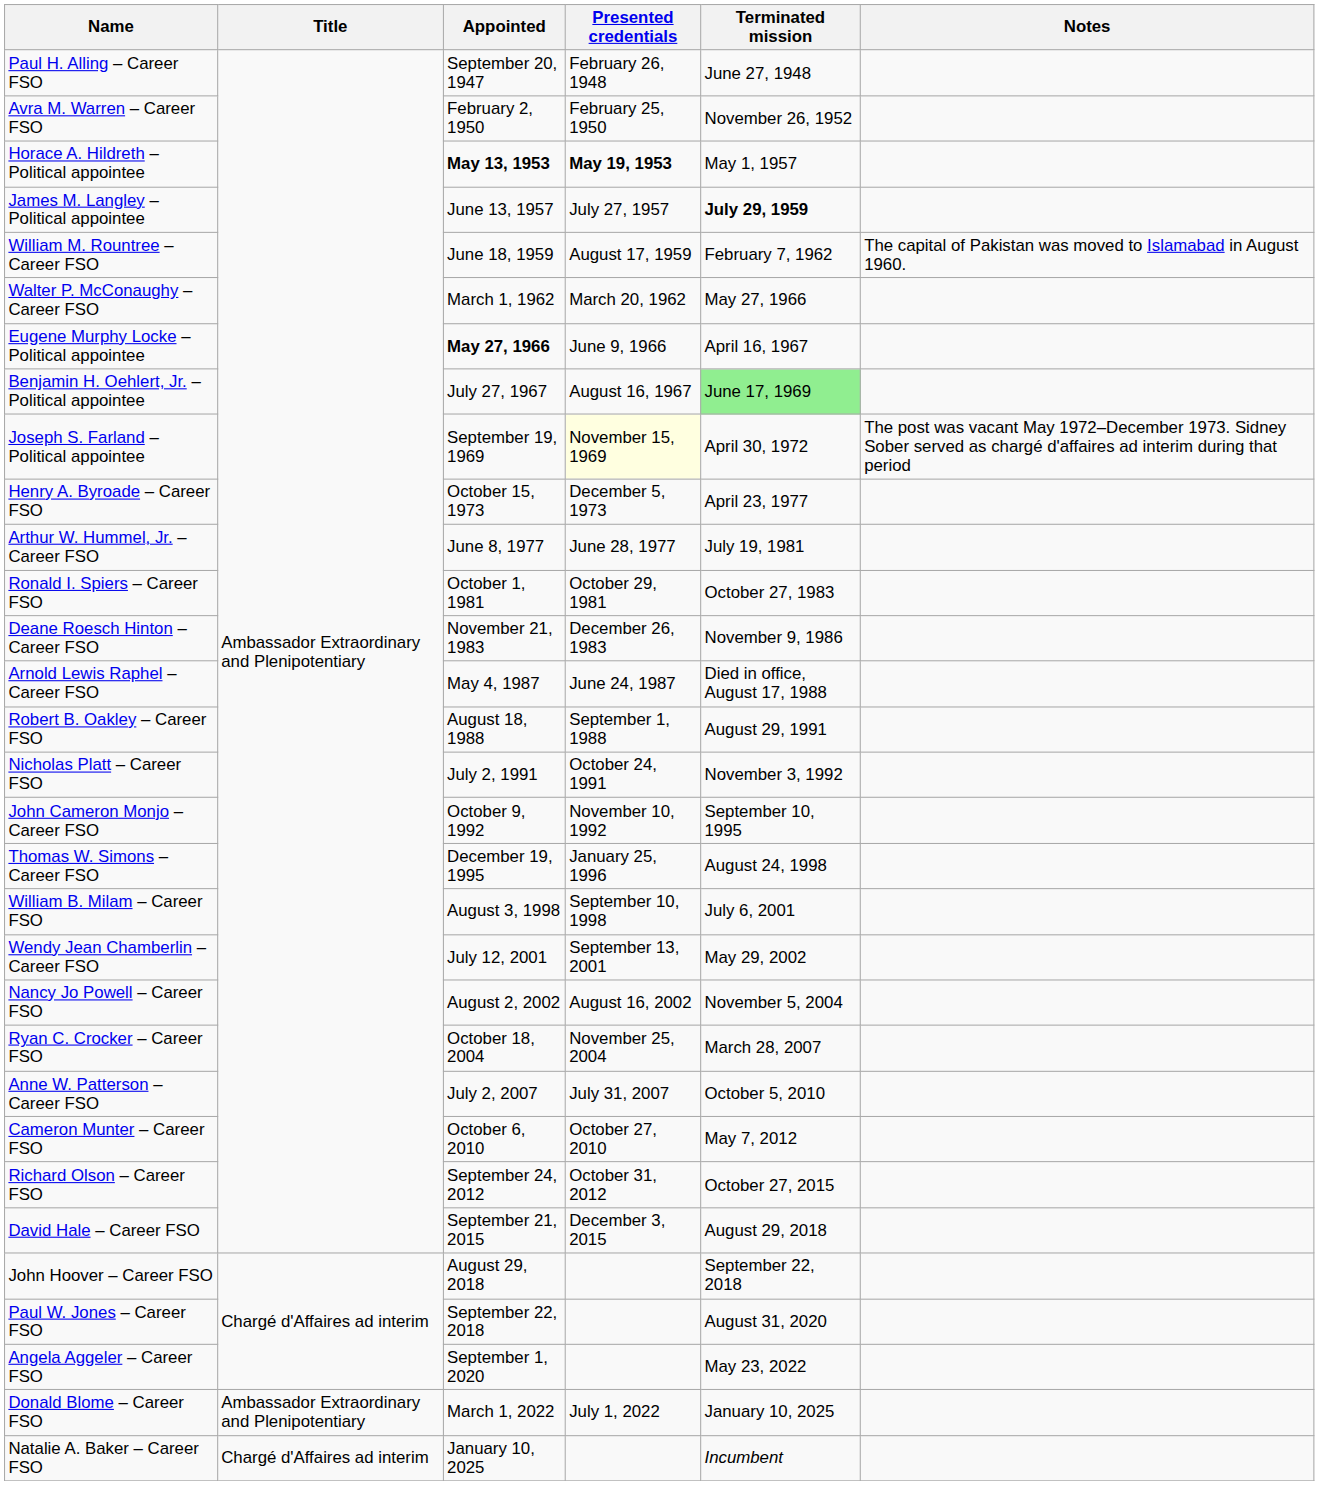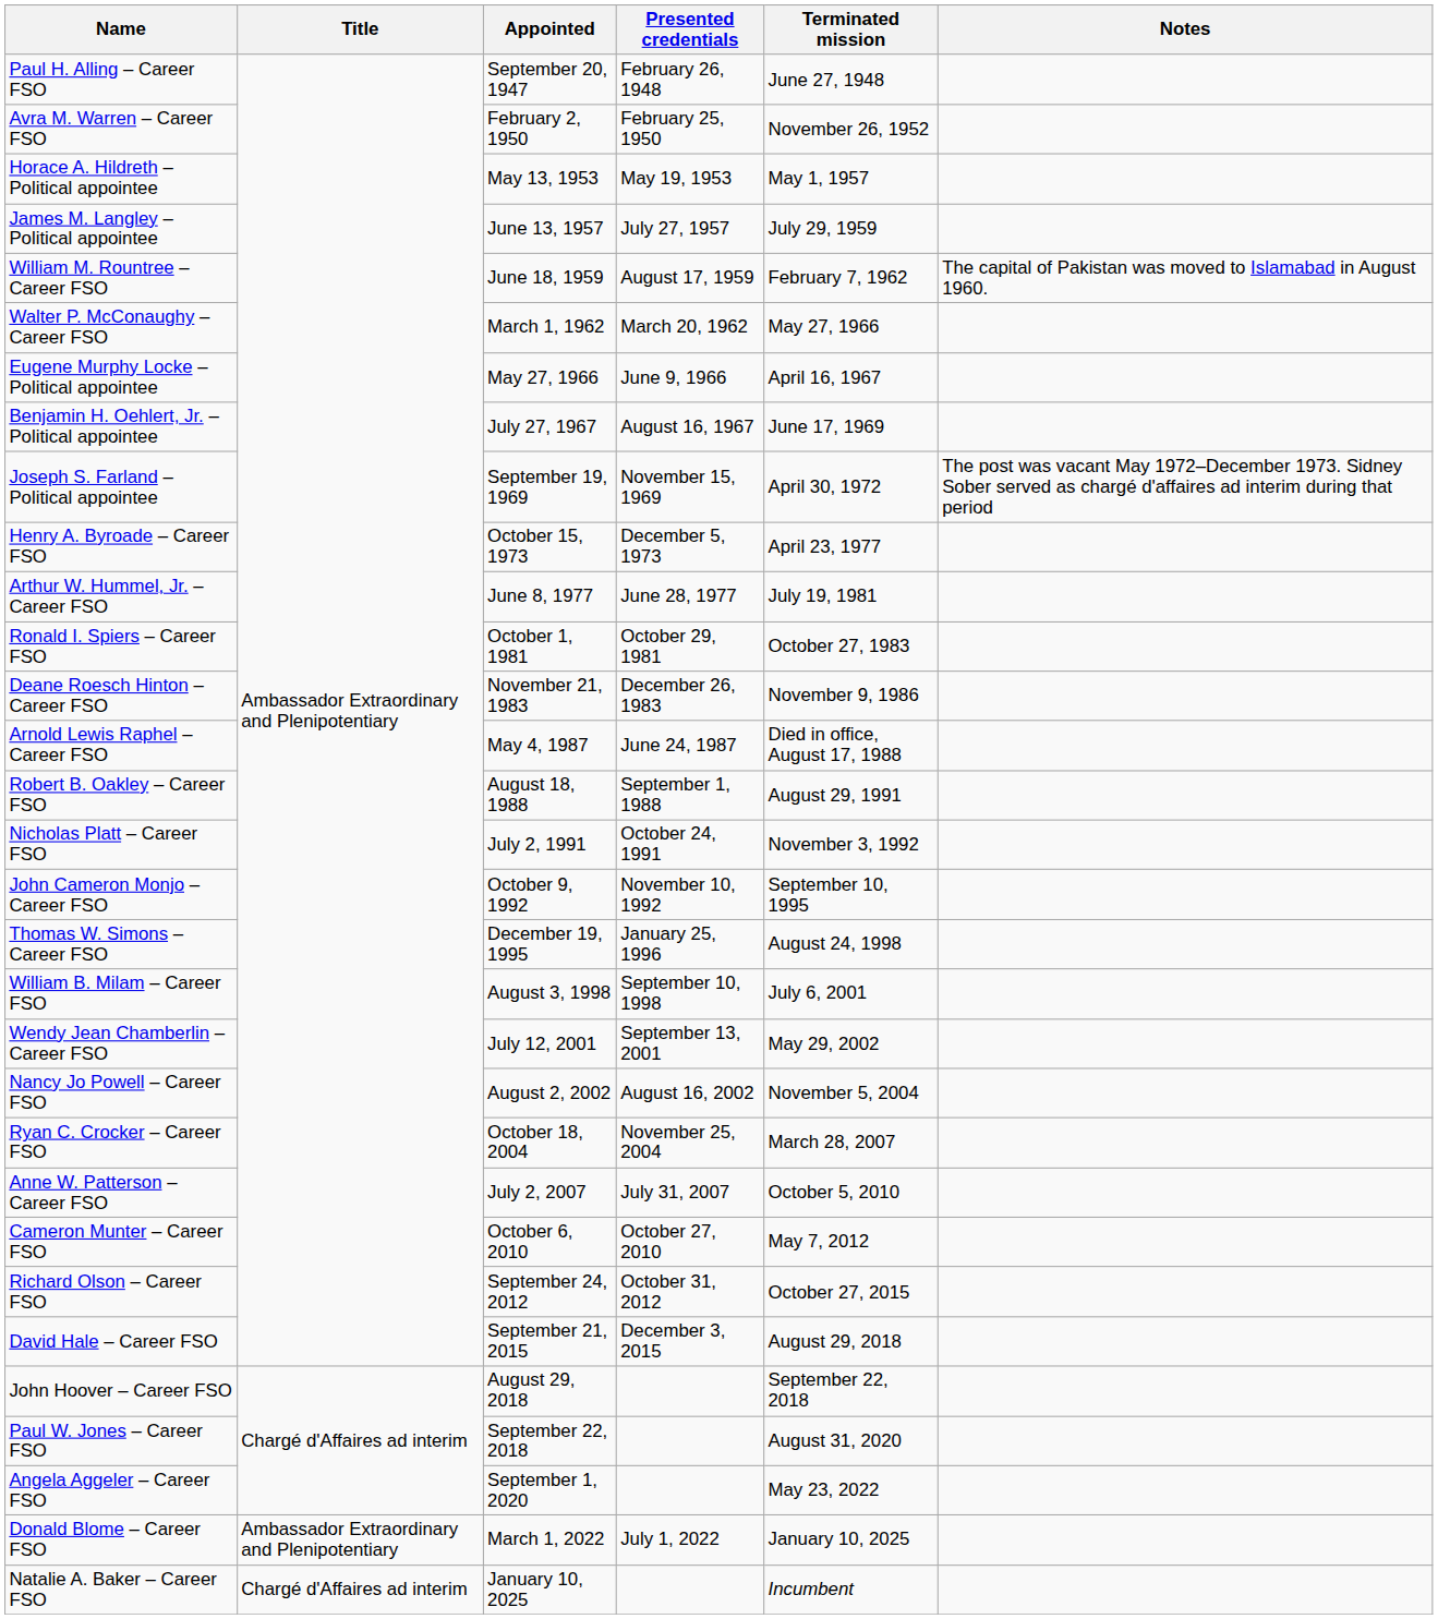 <table class="wikitable">
 <tr>
 <th>Name</th>
 <th>Title</th>
 <th>Appointed</th>
 <th><a href='#'>Presented credentials</a></th>
 <th>Terminated mission</th>
 <th>Notes</th>
 </tr>
 <tr>
 <td><a href='#'>Paul H. Alling</a> – Career FSO</td>
 <td rowspan="26">Ambassador Extraordinary and Plenipotentiary</td>
 <td>September 20, 1947</td>
 <td>February 26, 1948</td>
 <td>June 27, 1948</td>
 <td></td>
 </tr>
 <tr>
 <td><a href='#'>Avra M. Warren</a> – Career FSO</td>
 <td>February 2, 1950</td>
 <td>February 25, 1950</td>
 <td>November 26, 1952</td>
 <td></td>
 </tr>
 <tr>
 <td><a href='#'>Horace A. Hildreth</a> – Political appointee</td>
-<td><strong>May 13, 1953</strong></td>
-<td><strong>May 19, 1953</strong></td>
+<td>May 13, 1953</td>
+<td>May 19, 1953</td>
 <td>May 1, 1957</td>
 <td></td>
 </tr>
 <tr>
 <td><a href='#'>James M. Langley</a> – Political appointee</td>
 <td>June 13, 1957</td>
 <td>July 27, 1957</td>
-<td><strong>July 29, 1959</strong></td>
+<td>July 29, 1959</td>
 <td></td>
 </tr>
 <tr>
 <td><a href='#'>William M. Rountree</a> – Career FSO</td>
 <td>June 18, 1959</td>
 <td>August 17, 1959</td>
 <td>February 7, 1962</td>
 <td>The capital of Pakistan was moved to <a href='#'>Islamabad</a> in August 1960.</td>
 </tr>
 <tr>
 <td><a href='#'>Walter P. McConaughy</a> – Career FSO</td>
 <td>March 1, 1962</td>
 <td>March 20, 1962</td>
 <td>May 27, 1966</td>
 <td></td>
 </tr>
 <tr>
 <td><a href='#'>Eugene Murphy Locke</a> – Political appointee</td>
-<td><strong>May 27, 1966</strong></td>
+<td>May 27, 1966</td>
 <td>June 9, 1966</td>
 <td>April 16, 1967</td>
 <td></td>
 </tr>
 <tr>
 <td><a href='#'>Benjamin H. Oehlert, Jr.</a> – Political appointee</td>
 <td>July 27, 1967</td>
 <td>August 16, 1967</td>
-<td style="background: lightgreen;">June 17, 1969</td>
+<td>June 17, 1969</td>
 <td></td>
 </tr>
 <tr>
 <td><a href='#'>Joseph S. Farland</a> – Political appointee</td>
 <td>September 19, 1969</td>
-<td style="background: lightyellow;">November 15, 1969</td>
+<td>November 15, 1969</td>
 <td>April 30, 1972</td>
 <td>The post was vacant May 1972–December 1973. Sidney Sober served as chargé d'affaires ad interim during that period</td>
 </tr>
 <tr>
 <td><a href='#'>Henry A. Byroade</a> – Career FSO</td>
 <td>October 15, 1973</td>
 <td>December 5, 1973</td>
 <td>April 23, 1977</td>
 <td></td>
 </tr>
 <tr>
 <td><a href='#'>Arthur W. Hummel, Jr.</a> – Career FSO</td>
 <td>June 8, 1977</td>
 <td>June 28, 1977</td>
 <td>July 19, 1981</td>
 <td></td>
 </tr>
 <tr>
 <td><a href='#'>Ronald I. Spiers</a> – Career FSO</td>
 <td>October 1, 1981</td>
 <td>October 29, 1981</td>
 <td>October 27, 1983</td>
 <td></td>
 </tr>
 <tr>
 <td><a href='#'>Deane Roesch Hinton</a> – Career FSO</td>
 <td>November 21, 1983</td>
 <td>December 26, 1983</td>
 <td>November 9, 1986</td>
 <td></td>
 </tr>
 <tr>
 <td><a href='#'>Arnold Lewis Raphel</a> – Career FSO</td>
 <td>May 4, 1987</td>
 <td>June 24, 1987</td>
 <td>Died in office, August 17, 1988</td>
 <td></td>
 </tr>
 <tr>
 <td><a href='#'>Robert B. Oakley</a> – Career FSO</td>
 <td>August 18, 1988</td>
 <td>September 1, 1988</td>
 <td>August 29, 1991</td>
 <td></td>
 </tr>
 <tr>
 <td><a href='#'>Nicholas Platt</a> – Career FSO</td>
 <td>July 2, 1991</td>
 <td>October 24, 1991</td>
 <td>November 3, 1992</td>
 <td></td>
 </tr>
 <tr>
 <td><a href='#'>John Cameron Monjo</a> – Career FSO</td>
 <td>October 9, 1992</td>
 <td>November 10, 1992</td>
 <td>September 10, 1995</td>
 <td></td>
 </tr>
 <tr>
 <td><a href='#'>Thomas W. Simons</a> – Career FSO</td>
 <td>December 19, 1995</td>
 <td>January 25, 1996</td>
 <td>August 24, 1998</td>
 <td></td>
 </tr>
 <tr>
 <td><a href='#'>William B. Milam</a> – Career FSO</td>
 <td>August 3, 1998</td>
 <td>September 10, 1998</td>
 <td>July 6, 2001</td>
 <td></td>
 </tr>
 <tr>
 <td><a href='#'>Wendy Jean Chamberlin</a> – Career FSO</td>
 <td>July 12, 2001</td>
 <td>September 13, 2001</td>
 <td>May 29, 2002</td>
 <td></td>
 </tr>
 <tr>
 <td><a href='#'>Nancy Jo Powell</a> – Career FSO</td>
 <td>August 2, 2002</td>
 <td>August 16, 2002</td>
 <td>November 5, 2004</td>
 <td></td>
 </tr>
 <tr>
 <td><a href='#'>Ryan C. Crocker</a> – Career FSO</td>
 <td>October 18, 2004</td>
 <td>November 25, 2004</td>
 <td>March 28, 2007</td>
 <td></td>
 </tr>
 <tr>
 <td><a href='#'>Anne W. Patterson</a> – Career FSO</td>
 <td>July 2, 2007</td>
 <td>July 31, 2007</td>
 <td>October 5, 2010</td>
 <td></td>
 </tr>
 <tr>
 <td><a href='#'>Cameron Munter</a> – Career FSO</td>
 <td>October 6, 2010</td>
 <td>October 27, 2010</td>
 <td>May 7, 2012</td>
 <td></td>
 </tr>
 <tr>
 <td><a href='#'>Richard Olson</a> – Career FSO</td>
 <td>September 24, 2012</td>
 <td>October 31, 2012</td>
 <td>October 27, 2015</td>
 <td></td>
 </tr>
 <tr>
 <td><a href='#'>David Hale</a> – Career FSO</td>
 <td>September 21, 2015</td>
 <td>December 3, 2015</td>
 <td>August 29, 2018</td>
 <td></td>
 </tr>
 <tr>
 <td>John Hoover – Career FSO</td>
 <td rowspan="3">Chargé d'Affaires ad interim</td>
 <td>August 29, 2018</td>
 <td></td>
 <td>September 22, 2018</td>
 <td></td>
 </tr>
 <tr>
 <td><a href='#'>Paul W. Jones</a> – Career FSO</td>
 <td>September 22, 2018</td>
 <td></td>
 <td>August 31, 2020</td>
 <td></td>
 </tr>
 <tr>
 <td><a href='#'>Angela Aggeler</a> – Career FSO</td>
 <td>September 1, 2020</td>
 <td></td>
 <td>May 23, 2022</td>
 <td></td>
 </tr>
 <tr>
 <td><a href='#'>Donald Blome</a> – Career FSO</td>
 <td>Ambassador Extraordinary and Plenipotentiary</td>
 <td>March 1, 2022</td>
 <td>July 1, 2022</td>
 <td>January 10, 2025</td>
 <td></td>
 </tr>
 <tr>
 <td>Natalie A. Baker – Career FSO</td>
 <td>Chargé d'Affaires ad interim</td>
 <td>January 10, 2025</td>
 <td></td>
 <td><em>Incumbent</em></td>
 <td></td>
 </tr>
 </table>
